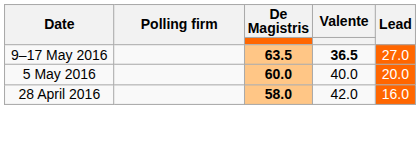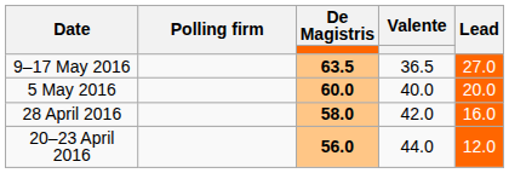 <table class=wikitable style="text-align:center;font-size:85%;line-height:13px">
 <tr style="height:30px; background-color:#E9E9E9">
 <th style="width:100px;" rowspan="2">Date</th>
 <th style="width:120px;" rowspan="2">Polling firm</th>
 <th style="width:55px;">De Magistris</th>
 <th style="width:55px;">Valente</th>
 <th style="width:30px;" rowspan="2">Lead</th>
 </tr>
 <tr>
 <th style="background:#FF6600;"></th>
 <th style="background:"></th>
 </tr>
 <tr>
 <td>9–17 May 2016</td>
 <td></td>
 <td style="background:#FFC686"><strong>63.5</strong></td>
-<td><strong>36.5</strong></td>
+<td>36.5</td>
 <td style="background:#FF6600; color:white;">27.0</td>
 </tr>
 <tr>
 <td>5 May 2016</td>
 <td></td>
 <td style="background:#FFC686"><strong>60.0</strong></td>
 <td>40.0</td>
 <td style="background:#FF6600; color:white;">20.0</td>
 </tr>
 <tr>
 <td>28 April 2016</td>
 <td></td>
 <td style="background:#FFC686"><strong>58.0</strong></td>
 <td>42.0</td>
 <td style="background:#FF6600; color:white;">16.0</td>
 </tr>
+<tr>
+<td>20–23 April 2016</td>
+<td></td>
+<td style="background:#FFC686"><strong>56.0</strong></td>
+<td>44.0</td>
+<td style="background:#FF6600; color:white;">12.0</td>
+</tr>
 </table>
